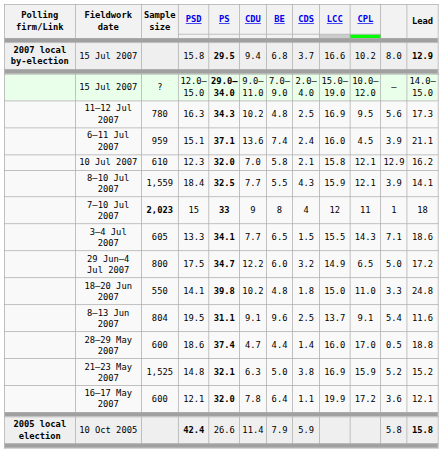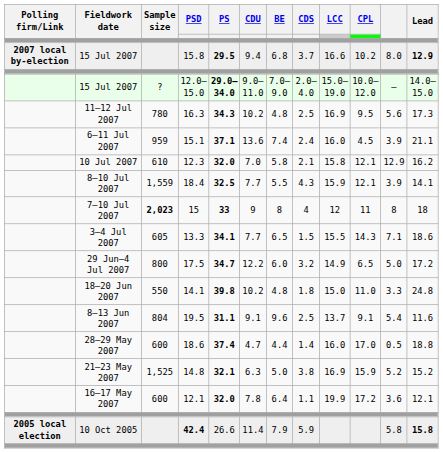 <table class="wikitable collapsible sortable" style="text-align:center; font-size:95%; line-height:16px;">
 <tr style="height:42px;">
 <th style="width:145px;" rowspan="2">Polling firm/Link</th>
 <th style="width:125px;" rowspan="2">Fieldwork date</th>
 <th class="unsortable" style="width:50px;" rowspan="2">Sample size</th>
 <th class="unsortable" style="width:35px;"><a href='#'>PSD</a></th>
 <th class="unsortable" style="width:36px;"><a href='#'>PS</a></th>
 <th class="unsortable" style="width:35px;"><a href='#'>CDU</a></th>
 <th class="unsortable" style="width:35px;"><a href='#'>BE</a></th>
 <th class="unsortable" style="width:35px;"><a href='#'>CDS</a></th>
 <th class="unsortable" style="width:35px;"><a href='#'>LCC</a></th>
 <th class="unsortable" style="width:35px;"><a href='#'>CPL</a></th>
 <th class="unsortable" style="width:35px;" rowspan="2"></th>
 <th class="unsortable" style="width:30px;" rowspan="2">Lead</th>
 </tr>
 <tr>
 <th class="unsortable" style="color:inherit;background:"></th>
 <th class="unsortable" style="color:inherit;background:"></th>
 <th class="unsortable" style="color:inherit;background:"></th>
 <th class="unsortable" style="color:inherit;background:"></th>
 <th class="unsortable" style="color:inherit;background:"></th>
 <th class="unsortable" style="color:inherit;background:#CCCCCC;"></th>
 <th class="unsortable" style="color:inherit;background:#00FF00;"></th>
 </tr>
 <tr>
 <td colspan="13" style="background:#A0A0A0"></td>
 </tr>
 <tr style="background:#EFEFEF;">
 <td><strong>2007 local by-election</strong></td>
 <td data-sort-value="2019-10-06">15 Jul 2007</td>
 <td></td>
 <td>15.8<br></td>
 <td><strong>29.5</strong><br></td>
 <td>9.4<br></td>
 <td>6.8<br></td>
 <td>3.7<br></td>
 <td>16.6<br></td>
 <td>10.2<br></td>
 <td>8.0<br></td>
 <td style="background:"><strong>12.9</strong></td>
 </tr>
 <tr>
 <td colspan="13" style="background:#A0A0A0"></td>
 </tr>
 <tr>
 </tr>
 <tr style="background:#EAFFEA"|>
 <td></td>
 <td data-sort-value="2019-10-06">15 Jul 2007</td>
 <td>?</td>
 <td>12.0–<br>15.0<br></td>
 <td><strong>29.0–<br>34.0</strong><br></td>
 <td>9.0–<br>11.0<br></td>
 <td>7.0–<br>9.0<br></td>
 <td>2.0–<br>4.0<br></td>
 <td>15.0–<br>19.0<br></td>
 <td>10.0–<br>12.0<br></td>
 <td>–</td>
 <td style="background:">14.0–<br>15.0</td>
 </tr>
 <tr>
 <td align="center"></td>
 <td align="center">11–12 Jul 2007</td>
 <td>780</td>
 <td align="center">16.3</td>
 <td align="center" ><strong>34.3</strong></td>
 <td align="center">10.2</td>
 <td align="center">4.8</td>
 <td align="center">2.5</td>
 <td align="center">16.9</td>
 <td align="center">9.5</td>
 <td align="center">5.6</td>
 <td style="background:">17.3</td>
 </tr>
 <tr>
 <td align="center"></td>
 <td align="center">6–11 Jul 2007</td>
 <td>959</td>
 <td align="center">15.1</td>
 <td align="center" ><strong>37.1</strong></td>
 <td align="center">13.6</td>
 <td align="center">7.4</td>
 <td align="center">2.4</td>
 <td align="center">16.0</td>
 <td align="center">4.5</td>
 <td align="center">3.9</td>
 <td style="background:">21.1</td>
 </tr>
 <tr>
 <td align="center"></td>
 <td align="center">10 Jul 2007</td>
 <td>610</td>
 <td align="center">12.3</td>
 <td align="center" ><strong>32.0</strong></td>
 <td align="center">7.0</td>
 <td align="center">5.8</td>
 <td align="center">2.1</td>
 <td align="center">15.8</td>
 <td align="center">12.1</td>
 <td align="center">12.9</td>
 <td style="background:">16.2</td>
 </tr>
 <tr>
 <td align="center"></td>
 <td align="center">8–10 Jul 2007</td>
 <td>1,559</td>
 <td align="center">18.4</td>
 <td align="center" ><strong>32.5</strong></td>
 <td align="center">7.7</td>
 <td align="center">5.5</td>
 <td align="center">4.3</td>
 <td align="center">15.9</td>
 <td align="center">12.1</td>
 <td align="center">3.9</td>
 <td style="background:">14.1</td>
 </tr>
 <tr>
 <td align="center"></td>
 <td align="center">7–10 Jul 2007</td>
 <td><strong>2,023</strong></td>
 <td align="center">15</td>
 <td align="center" ><strong>33</strong></td>
 <td align="center">9</td>
 <td align="center">8</td>
 <td align="center">4</td>
 <td align="center">12</td>
 <td align="center">11</td>
-<td align="center">1</td>
+<td align="center">8</td>
 <td style="background:">18</td>
 </tr>
 <tr>
 <td align="center"></td>
 <td align="center">3–4 Jul 2007</td>
 <td>605</td>
 <td align="center">13.3</td>
 <td align="center" ><strong>34.1</strong></td>
 <td align="center">7.7</td>
 <td align="center">6.5</td>
 <td align="center">1.5</td>
 <td align="center">15.5</td>
 <td align="center">14.3</td>
 <td align="center">7.1</td>
 <td style="background:">18.6</td>
 </tr>
 <tr>
 <td align="center"></td>
 <td align="center">29 Jun–4 Jul 2007</td>
 <td>800</td>
 <td align="center">17.5</td>
 <td align="center" ><strong>34.7</strong></td>
 <td align="center">12.2</td>
 <td align="center">6.0</td>
 <td align="center">3.2</td>
 <td align="center">14.9</td>
 <td align="center">6.5</td>
 <td align="center">5.0</td>
 <td style="background:">17.2</td>
 </tr>
 <tr>
 <td align="center"></td>
 <td align="center">18–20 Jun 2007</td>
 <td>550</td>
 <td align="center">14.1</td>
 <td align="center" ><strong>39.8</strong></td>
 <td align="center">10.2</td>
 <td align="center">4.8</td>
 <td align="center">1.8</td>
 <td align="center">15.0</td>
 <td align="center">11.0</td>
 <td align="center">3.3</td>
 <td style="background:">24.8</td>
 </tr>
 <tr>
 <td align="center"></td>
 <td align="center">8–13 Jun 2007</td>
 <td>804</td>
 <td align="center">19.5</td>
 <td align="center" ><strong>31.1</strong></td>
 <td align="center">9.1</td>
 <td align="center">9.6</td>
 <td align="center">2.5</td>
 <td align="center">13.7</td>
 <td align="center">9.1</td>
 <td align="center">5.4</td>
 <td style="background:">11.6</td>
 </tr>
 <tr>
 <td align="center"></td>
 <td align="center">28–29 May 2007</td>
 <td>600</td>
 <td align="center">18.6</td>
 <td align="center" ><strong>37.4</strong></td>
 <td align="center">4.7</td>
 <td align="center">4.4</td>
 <td align="center">1.4</td>
 <td align="center">16.0</td>
 <td align="center">17.0</td>
 <td align="center">0.5</td>
 <td style="background:">18.8</td>
 </tr>
 <tr>
 <td align="center"></td>
 <td align="center">21–23 May 2007</td>
 <td>1,525</td>
 <td align="center">14.8</td>
 <td align="center" ><strong>32.1</strong></td>
 <td align="center">6.3</td>
 <td align="center">5.0</td>
 <td align="center">3.8</td>
 <td align="center">16.9</td>
 <td align="center">15.9</td>
 <td align="center">5.2</td>
 <td style="background:">15.2</td>
 </tr>
 <tr>
 <td align="center"></td>
 <td align="center">16–17 May 2007</td>
 <td>600</td>
 <td align="center">12.1</td>
 <td align="center" ><strong>32.0</strong></td>
 <td align="center">7.8</td>
 <td align="center">6.4</td>
 <td align="center">1.1</td>
 <td align="center">19.9</td>
 <td align="center">17.2</td>
 <td align="center">3.6</td>
 <td style="background:">12.1</td>
 </tr>
 <tr>
 <td colspan="13" style="background:#A0A0A0"></td>
 </tr>
 <tr style="background:#EFEFEF;">
 <td><strong>2005 local election</strong></td>
 <td data-sort-value="2019-10-06">10 Oct 2005</td>
 <td></td>
 <td><strong>42.4</strong><br></td>
 <td>26.6<br></td>
 <td>11.4<br></td>
 <td>7.9<br></td>
 <td>5.9<br></td>
 <td></td>
 <td></td>
 <td>5.8<br></td>
 <td style="background:"><strong>15.8</strong></td>
 </tr>
 <tr>
 <td colspan="13" style="background:#A0A0A0"></td>
 </tr>
 </table>
